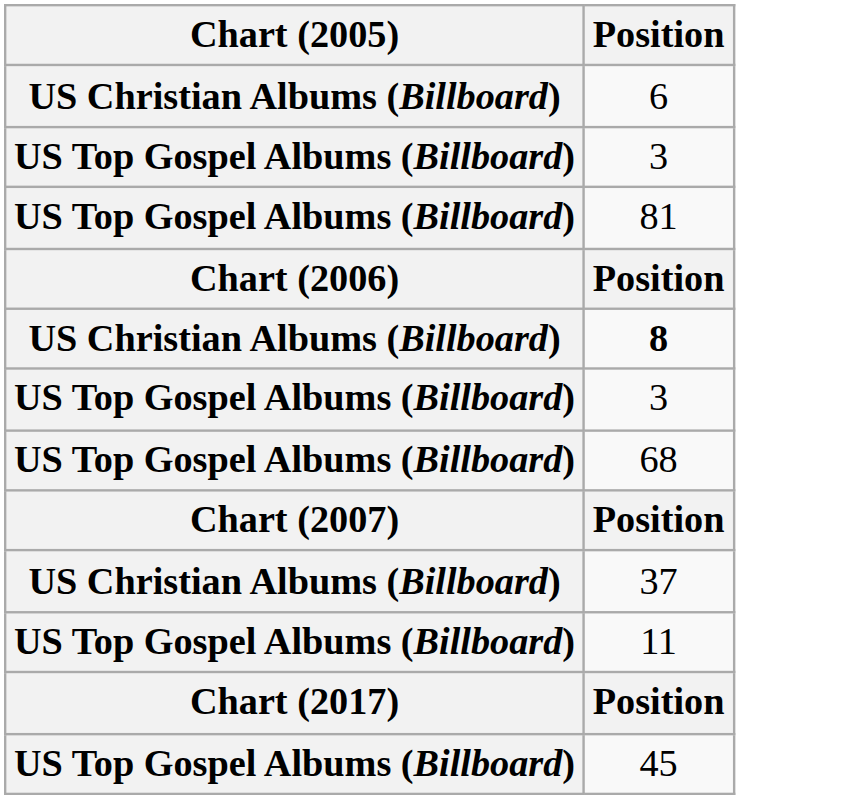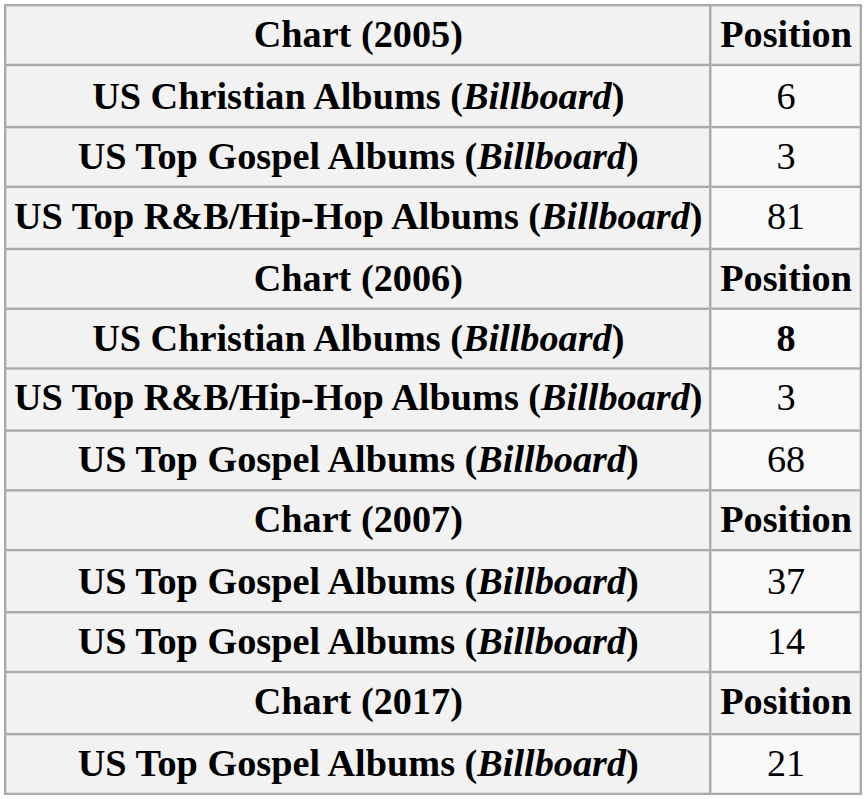 <table class="wikitable plainrowheaders" style="text-align:center;">
 <tr>
 <th scope="col">Chart (2005)</th>
 <th scope="col">Position</th>
 </tr>
 <tr>
 <th scope="row">US Christian Albums (<em>Billboard</em>)</th>
 <td>6</td>
 </tr>
 <tr>
 <th scope="row">US Top Gospel Albums (<em>Billboard</em>)</th>
 <td>3</td>
 </tr>
 <tr>
-<th scope="row">US Top Gospel Albums (<em>Billboard</em>)</th>
+<th scope="row">US Top R&B/Hip-Hop Albums (<em>Billboard</em>)</th>
 <td>81</td>
 </tr>
 <tr>
 <th scope="col">Chart (2006)</th>
 <th scope="col">Position</th>
 </tr>
 <tr>
 <th scope="row">US Christian Albums (<em>Billboard</em>)</th>
 <td><strong>8</strong></td>
 </tr>
 <tr>
-<th scope="row">US Top Gospel Albums (<em>Billboard</em>)</th>
+<th scope="row">US Top R&B/Hip-Hop Albums (<em>Billboard</em>)</th>
 <td>3</td>
 </tr>
 <tr>
 <th scope="row">US Top Gospel Albums (<em>Billboard</em>)</th>
 <td>68</td>
 </tr>
 <tr>
 <th scope="col">Chart (2007)</th>
 <th scope="col">Position</th>
 </tr>
 <tr>
-<th scope="row">US Christian Albums (<em>Billboard</em>)</th>
+<th scope="row">US Top Gospel Albums (<em>Billboard</em>)</th>
 <td>37</td>
 </tr>
 <tr>
 <th scope="row">US Top Gospel Albums (<em>Billboard</em>)</th>
-<td>11</td>
+<td>14</td>
 </tr>
 <tr>
 <th scope="col">Chart (2017)</th>
 <th scope="col">Position</th>
 </tr>
 <tr>
 <th scope="row">US Top Gospel Albums (<em>Billboard</em>)</th>
-<td>45</td>
+<td>21</td>
 </tr>
 </table>
